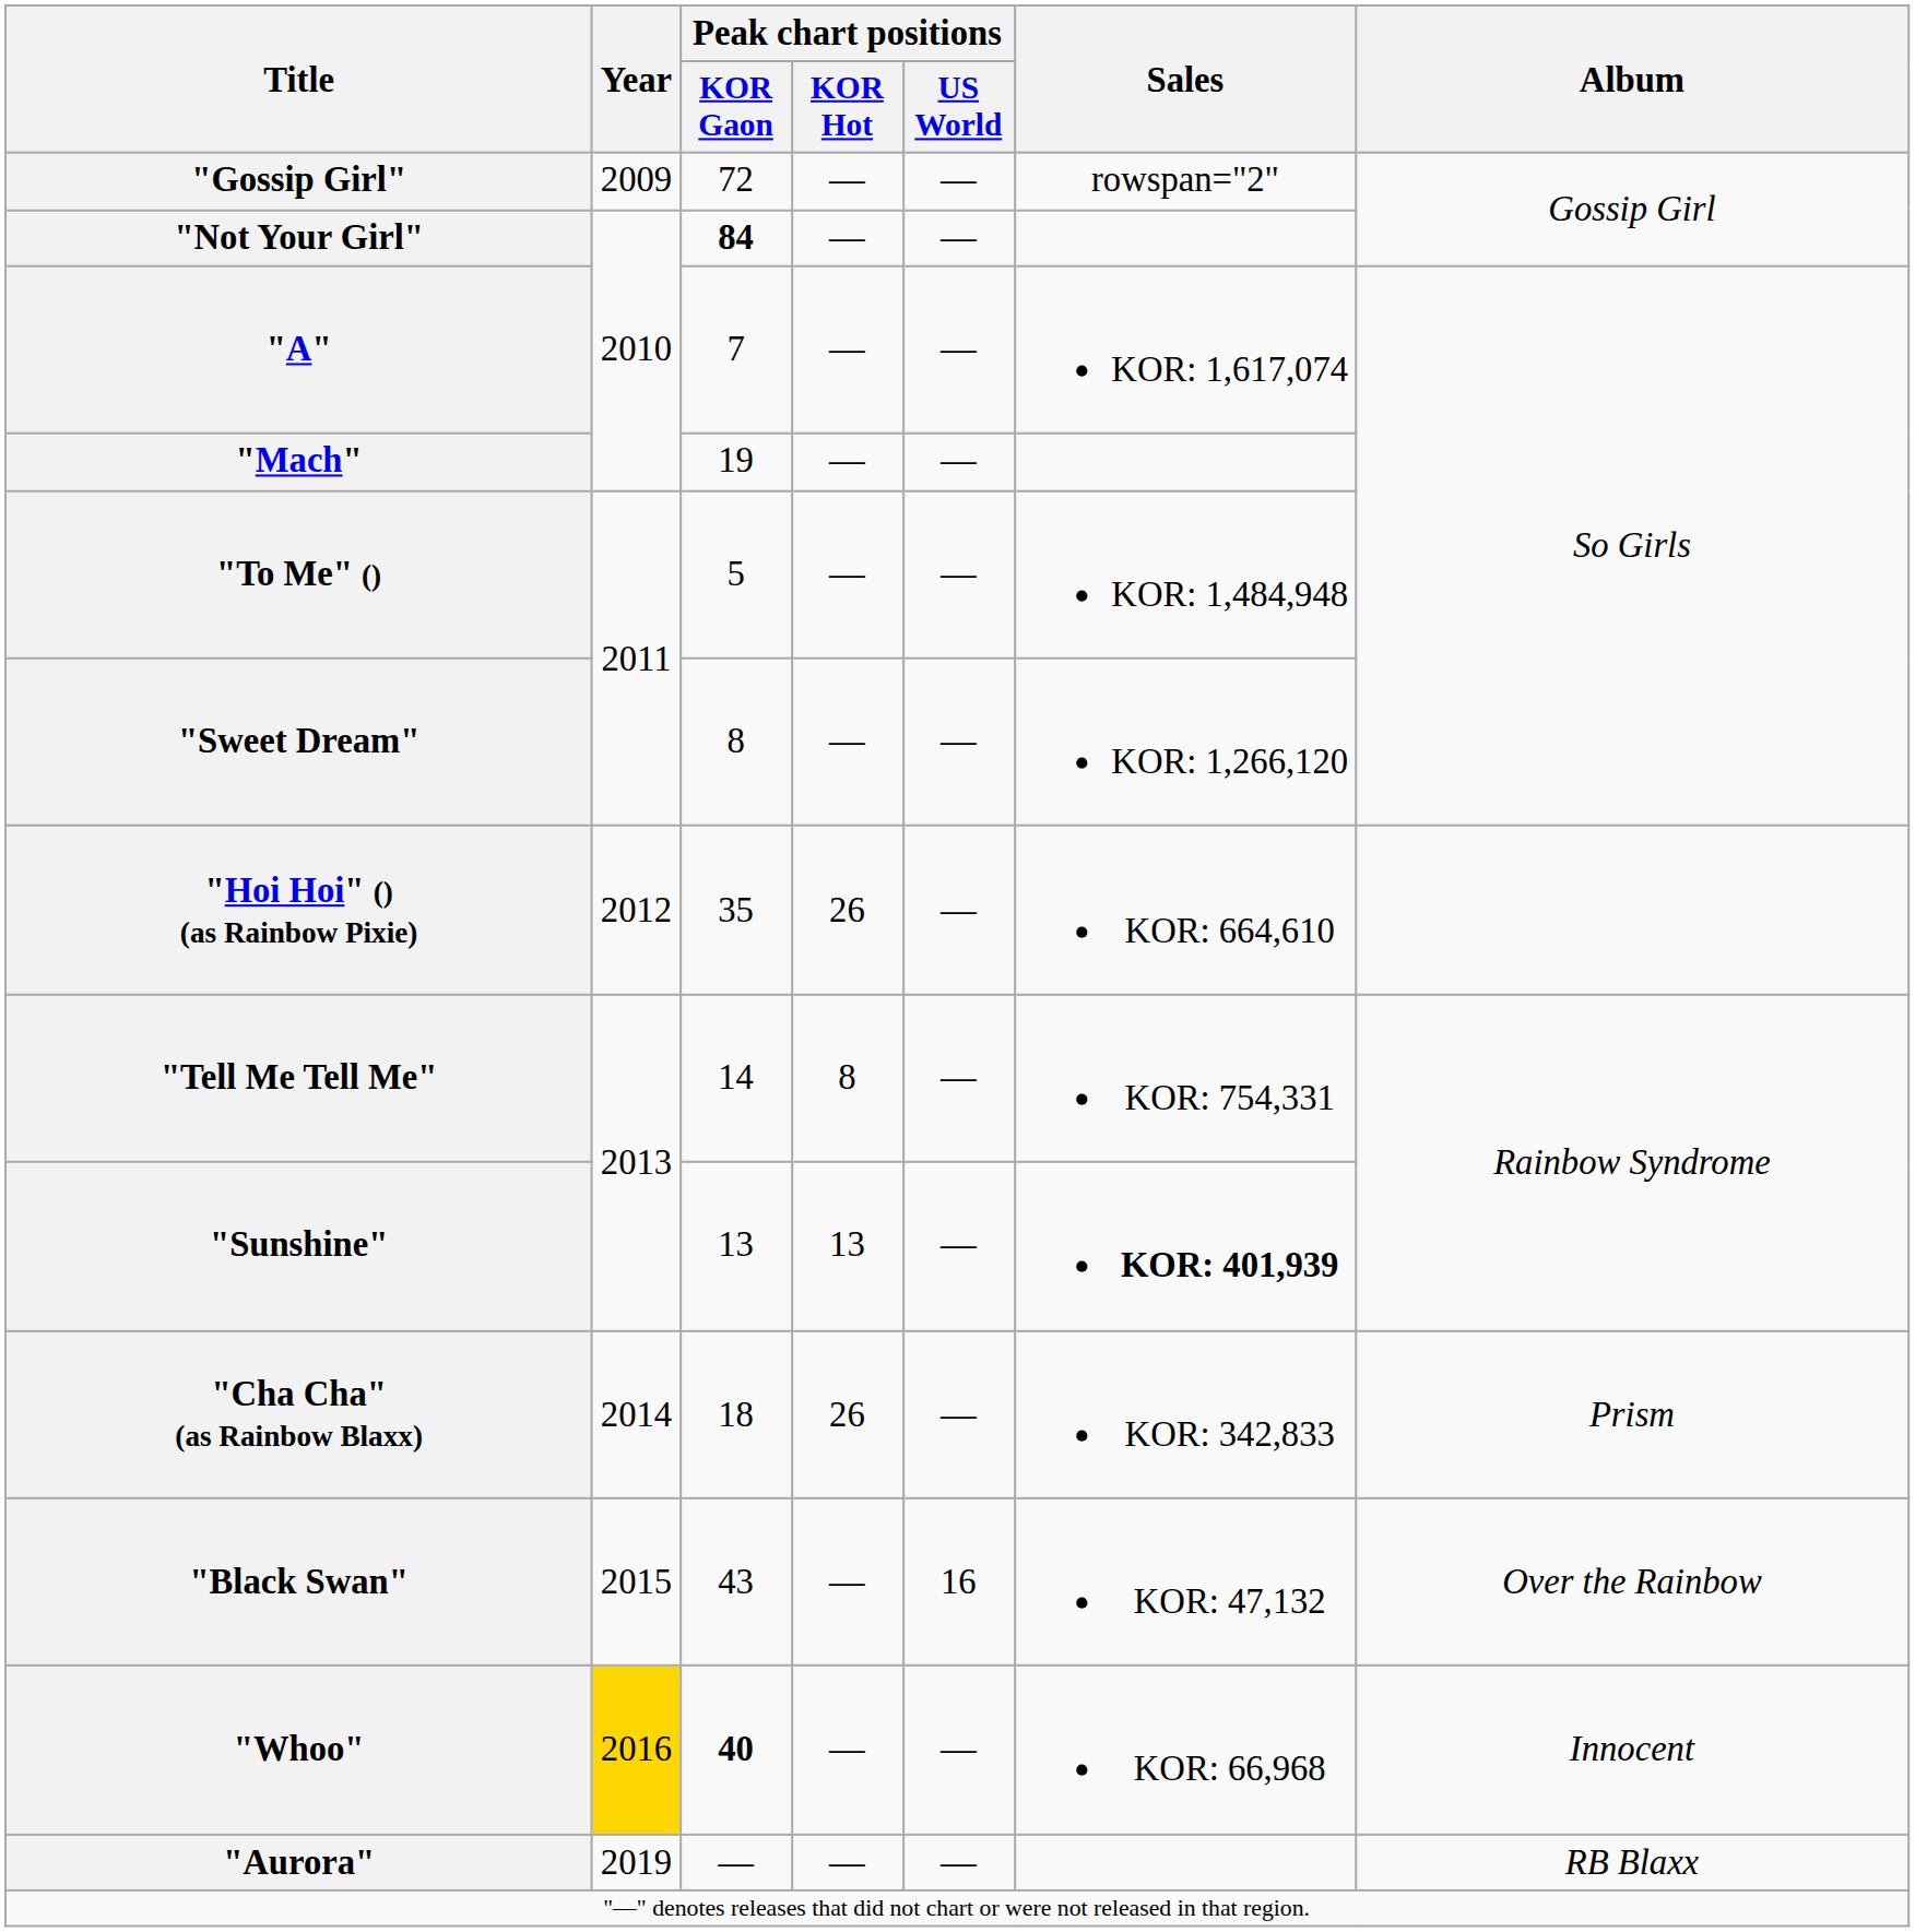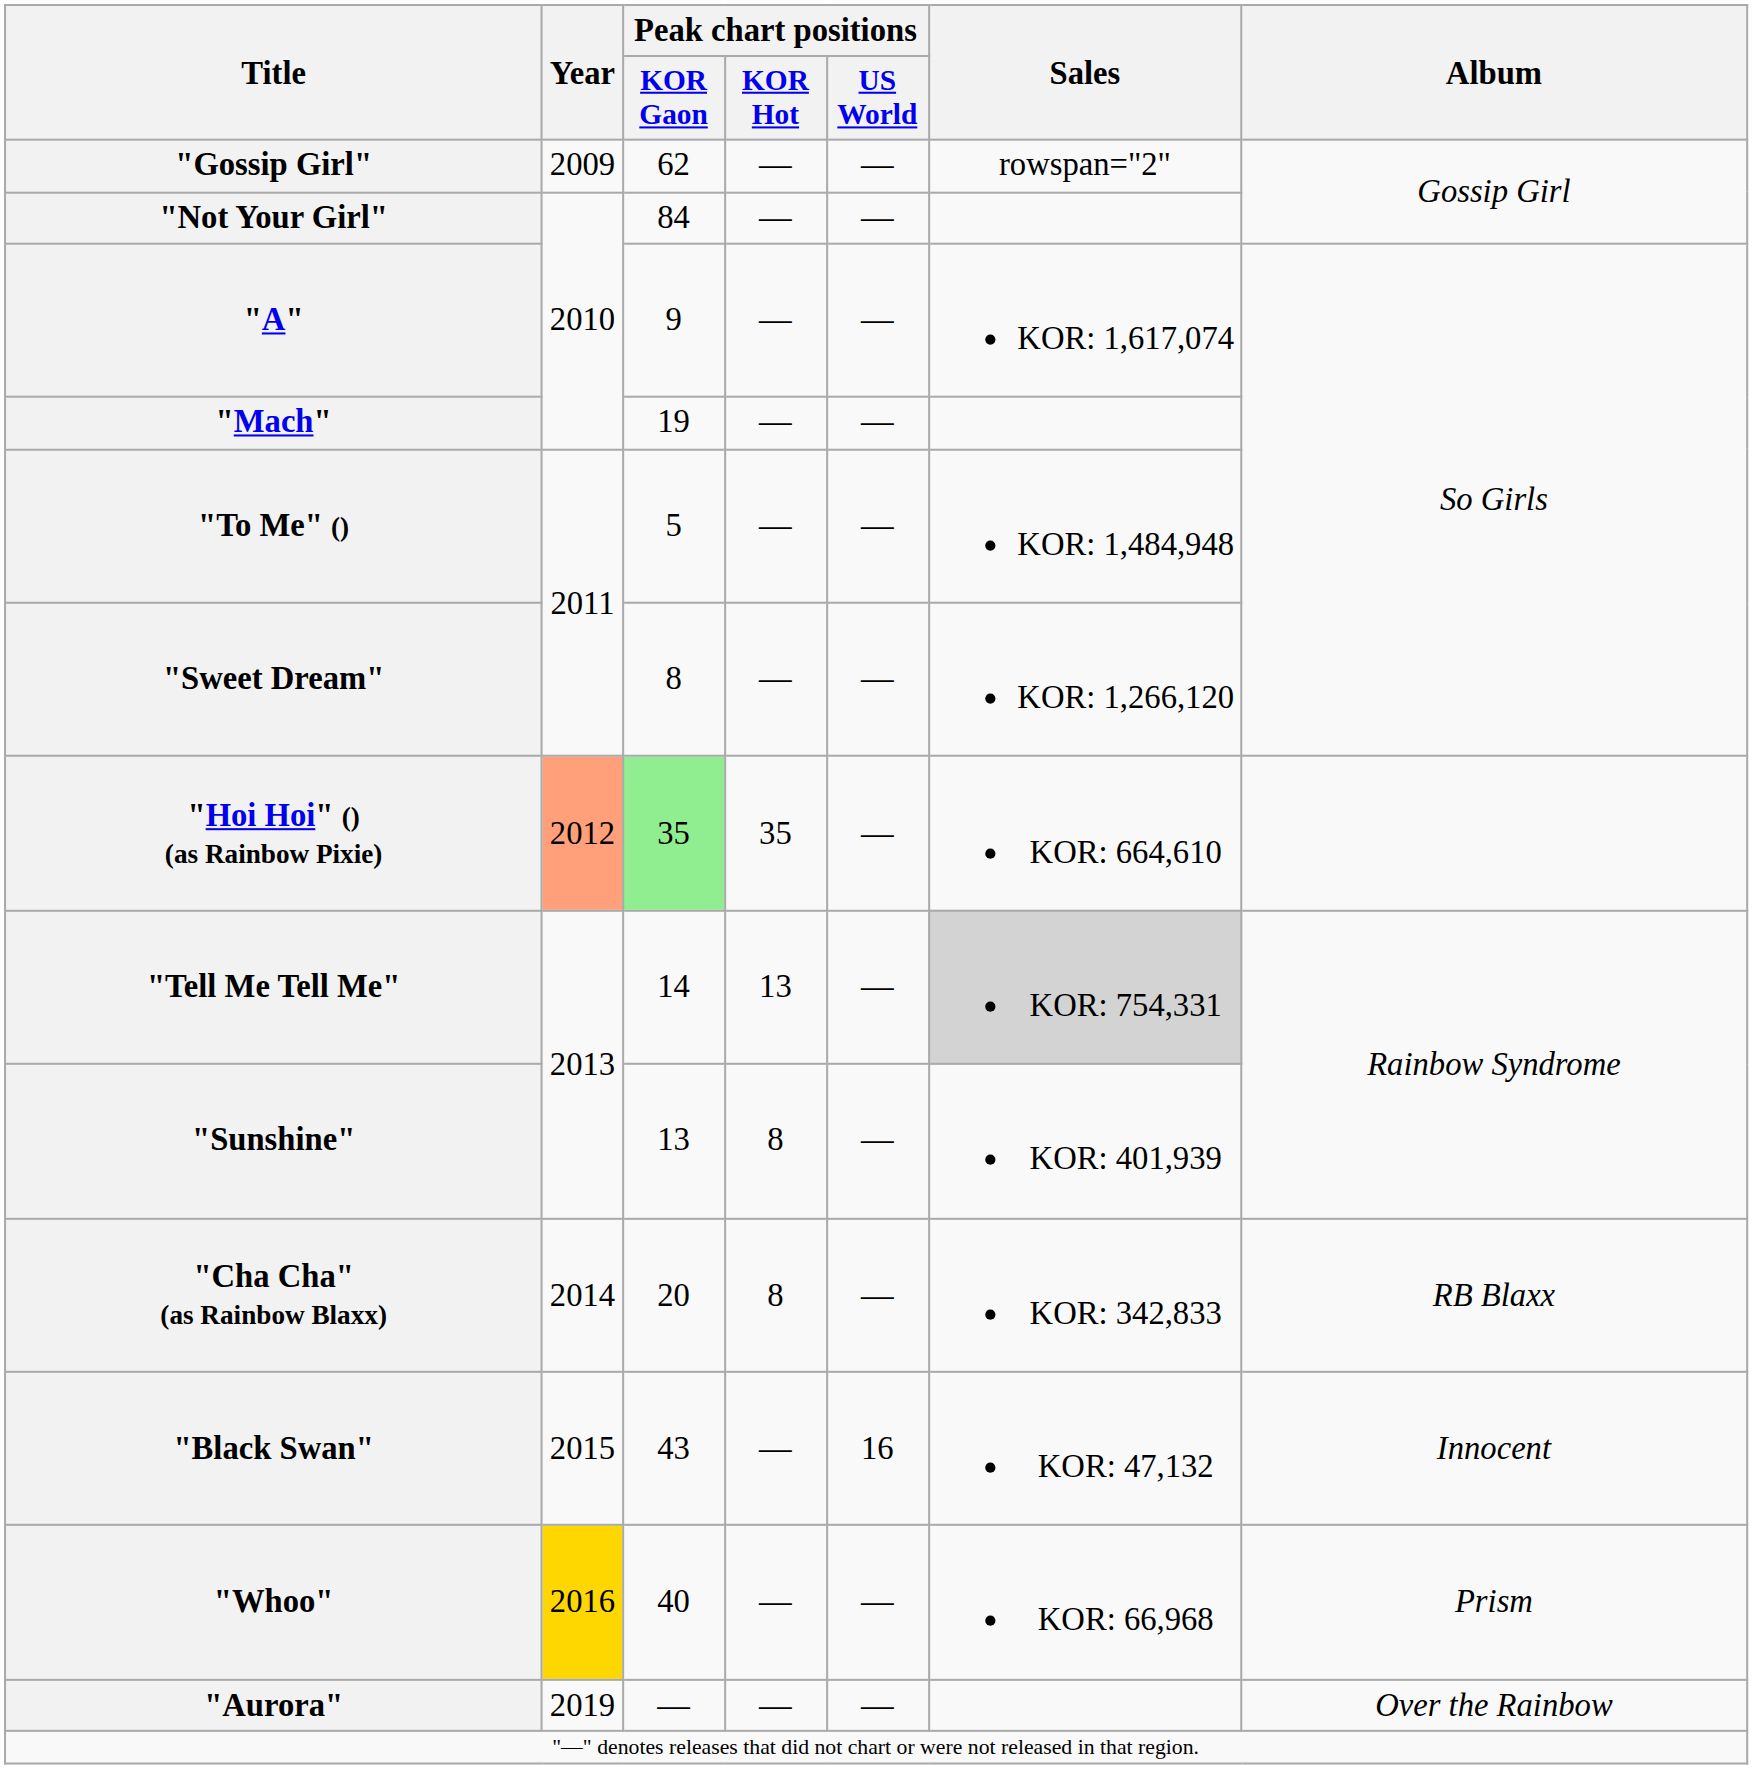 <table class="wikitable plainrowheaders" style="text-align:center;">
 <tr>
 <th scope="col" rowspan="2" style="width:16em;">Title</th>
 <th scope="col" rowspan="2">Year</th>
 <th scope="col" colspan="3">Peak chart positions</th>
 <th scope="col" rowspan="2">Sales</th>
 <th scope="col" rowspan="2" style="width:15em;">Album</th>
 </tr>
 <tr>
 <th scope="col" style="width:3em;font-size:90%;"><a href='#'>KOR<br>Gaon</a><br></th>
 <th scope="col" style="width:3em;font-size:90%;"><a href='#'>KOR<br>Hot</a><br></th>
 <th scope="col" style="width:3em;font-size:90%;"><a href='#'>US<br>World</a><br></th>
 </tr>
 <tr>
 <th scope="row">"Gossip Girl"</th>
 <td>2009</td>
-<td>72</td>
+<td>62</td>
 <td>—</td>
 <td>—</td>
 <td>rowspan="2" </td>
 <td rowspan="2"><em>Gossip Girl</em></td>
 </tr>
 <tr>
 <th scope="row">"Not Your Girl"</th>
 <td rowspan="3">2010</td>
-<td><strong>84</strong></td>
+<td>84</td>
 <td>—</td>
 <td>—</td>
 </tr>
 <tr>
 <th scope="row">"<a href='#'>A</a>"</th>
-<td>7</td>
+<td>9</td>
 <td>—</td>
 <td>—</td>
 <td><br><ul><li>KOR: 1,617,074</li></ul></td>
 <td rowspan="4"><em>So Girls</em></td>
 </tr>
 <tr>
 <th scope="row">"<a href='#'>Mach</a>"</th>
 <td>19</td>
 <td>—</td>
 <td>—</td>
 <td></td>
 </tr>
 <tr>
 <th scope="row">"To Me" <small>()</small></th>
 <td rowspan="2">2011</td>
 <td>5</td>
 <td>—</td>
 <td>—</td>
 <td><br><ul><li>KOR: 1,484,948</li></ul></td>
 </tr>
 <tr>
 <th scope="row">"Sweet Dream"</th>
 <td>8</td>
 <td>—</td>
 <td>—</td>
 <td><br><ul><li>KOR: 1,266,120</li></ul></td>
 </tr>
 <tr>
 <th scope="row">"<a href='#'>Hoi Hoi</a>" <small>()</small><br><small>(as Rainbow Pixie)</small></th>
-<td rowspan="1">2012</td>
+<td rowspan="1" style="background: lightsalmon;">2012</td>
+<td style="background: lightgreen;">35</td>
 <td>35</td>
-<td>26</td>
 <td>—</td>
 <td><br><ul><li>KOR: 664,610</li></ul></td>
 <td></td>
 </tr>
 <tr>
 <th scope="row">"Tell Me Tell Me"</th>
 <td rowspan="2">2013</td>
 <td>14</td>
-<td>8</td>
+<td>13</td>
 <td>—</td>
-<td><br><ul><li>KOR: 754,331</li></ul></td>
+<td style="background: lightgrey;"><br><ul><li>KOR: 754,331</li></ul></td>
 <td rowspan="2"><em>Rainbow Syndrome</em></td>
 </tr>
 <tr>
 <th scope="row">"Sunshine"</th>
 <td>13</td>
-<td>13</td>
+<td>8</td>
 <td>—</td>
-<td><strong><br><ul><li>KOR: 401,939</li></ul></strong></td>
+<td><br><ul><li>KOR: 401,939</li></ul></td>
 </tr>
 <tr>
 <th scope="row">"Cha Cha"<br><small>(as Rainbow Blaxx)</small></th>
 <td>2014</td>
-<td>18</td>
-<td>26</td>
+<td>20</td>
+<td>8</td>
 <td>—</td>
 <td><br><ul><li>KOR: 342,833</li></ul></td>
-<td><em>Prism</em></td>
+<td><em>RB Blaxx</em></td>
 </tr>
 <tr>
 <th scope="row">"Black Swan"</th>
 <td>2015</td>
 <td>43</td>
 <td>—</td>
 <td>16</td>
 <td><br><ul><li>KOR: 47,132</li></ul></td>
-<td><em>Over the Rainbow</em></td>
+<td><em>Innocent</em></td>
 </tr>
 <tr>
 <th scope="row">"Whoo"</th>
 <td style="background: gold;">2016</td>
-<td><strong>40</strong></td>
+<td>40</td>
 <td>—</td>
 <td>—</td>
 <td><br><ul><li>KOR: 66,968</li></ul></td>
-<td><em>Innocent</em></td>
+<td><em>Prism</em></td>
 </tr>
 <tr>
 <th scope="row">"Aurora"</th>
 <td>2019</td>
 <td>—</td>
 <td>—</td>
 <td>—</td>
 <td></td>
-<td><em>RB Blaxx</em></td>
+<td><em>Over the Rainbow</em></td>
 </tr>
 <tr>
 <td colspan="9" style="font-size:8pt;">"—" denotes releases that did not chart or were not released in that region.</td>
 </tr>
 </table>
